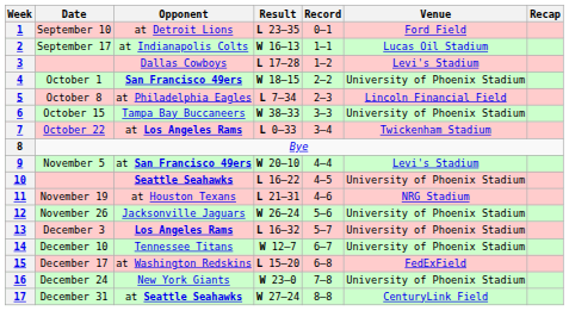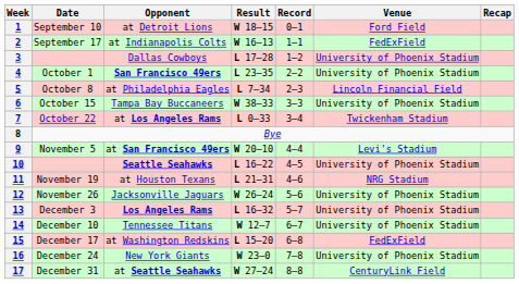 <table class="wikitable" style="text-align:center">
 <tr>
 <th>Week</th>
 <th>Date</th>
 <th>Opponent</th>
 <th>Result</th>
 <th>Record</th>
 <th>Venue</th>
 <th>Recap</th>
 </tr>
 <tr style="background:#fcc">
 <th><a href='#'>1</a></th>
 <td>September 10</td>
 <td>at <a href='#'>Detroit Lions</a></td>
-<td><strong>L</strong> 23–35</td>
+<td><strong>W</strong> 18–15 </td>
 <td>0–1</td>
 <td><a href='#'>Ford Field</a></td>
 <td></td>
 </tr>
 <tr style="background:#cfc">
 <th><a href='#'>2</a></th>
 <td>September 17</td>
 <td>at <a href='#'>Indianapolis Colts</a></td>
 <td><strong>W</strong> 16–13 </td>
 <td>1–1</td>
-<td><a href='#'>Lucas Oil Stadium</a></td>
+<td><a href='#'>FedExField</a></td>
 <td></td>
 </tr>
 <tr style="background:#fcc">
 <th><a href='#'>3</a></th>
 <td></td>
 <td><a href='#'>Dallas Cowboys</a></td>
 <td><strong>L</strong> 17–28</td>
 <td>1–2</td>
-<td><a href='#'>Levi's Stadium</a></td>
+<td><a href='#'>University of Phoenix Stadium</a></td>
 <td></td>
 </tr>
 <tr style="background:#cfc">
 <th><a href='#'>4</a></th>
 <td>October 1</td>
 <td><strong><a href='#'>San Francisco 49ers</a></strong></td>
-<td><strong>W</strong> 18–15 </td>
+<td><strong>L</strong> 23–35</td>
 <td>2–2</td>
 <td>University of Phoenix Stadium</td>
 <td></td>
 </tr>
 <tr style="background:#fcc">
 <th><a href='#'>5</a></th>
 <td>October 8</td>
 <td>at <a href='#'>Philadelphia Eagles</a></td>
 <td><strong>L</strong> 7–34</td>
 <td>2–3</td>
 <td><a href='#'>Lincoln Financial Field</a></td>
 <td></td>
 </tr>
 <tr style="background:#cfc">
 <th><a href='#'>6</a></th>
 <td>October 15</td>
 <td><a href='#'>Tampa Bay Buccaneers</a></td>
 <td><strong>W</strong> 38–33</td>
 <td>3–3</td>
 <td>University of Phoenix Stadium</td>
 <td></td>
 </tr>
 <tr style="background:#fcc">
 <th><a href='#'>7</a></th>
 <td><a href='#'>October 22</a></td>
 <td>at <strong><a href='#'>Los Angeles Rams</a></strong></td>
 <td><strong>L</strong> 0–33</td>
 <td>3–4</td>
 <td> <a href='#'>Twickenham Stadium</a> </td>
 <td></td>
 </tr>
 <tr>
 <th>8</th>
 <td colspan=6><em><a href='#'>Bye</a></em></td>
 </tr>
 <tr style="background:#cfc">
 <th><a href='#'>9</a></th>
 <td>November 5</td>
 <td>at <strong><a href='#'>San Francisco 49ers</a></strong></td>
 <td><strong>W</strong> 20–10</td>
 <td>4–4</td>
 <td><a href='#'>Levi's Stadium</a></td>
 <td></td>
 </tr>
 <tr style="background:#fcc">
 <th><a href='#'>10</a></th>
 <td></td>
 <td><strong><a href='#'>Seattle Seahawks</a></strong></td>
 <td><strong>L</strong> 16–22</td>
 <td>4–5</td>
 <td>University of Phoenix Stadium</td>
 <td></td>
 </tr>
 <tr style="background:#fcc">
 <th><a href='#'>11</a></th>
 <td>November 19</td>
 <td>at <a href='#'>Houston Texans</a></td>
 <td><strong>L</strong> 21–31</td>
 <td>4–6</td>
 <td><a href='#'>NRG Stadium</a></td>
 <td></td>
 </tr>
 <tr style="background:#cfc">
 <th><a href='#'>12</a></th>
 <td>November 26</td>
 <td><a href='#'>Jacksonville Jaguars</a></td>
 <td><strong>W</strong> 26–24</td>
 <td>5–6</td>
 <td>University of Phoenix Stadium</td>
 <td></td>
 </tr>
 <tr style="background:#fcc">
 <th><a href='#'>13</a></th>
 <td>December 3</td>
 <td><strong><a href='#'>Los Angeles Rams</a></strong></td>
 <td><strong>L</strong> 16–32</td>
 <td>5–7</td>
 <td>University of Phoenix Stadium</td>
 <td></td>
 </tr>
 <tr style="background:#cfc">
 <th><a href='#'>14</a></th>
 <td>December 10</td>
 <td><a href='#'>Tennessee Titans</a></td>
 <td><strong>W</strong> 12–7</td>
 <td>6–7</td>
 <td>University of Phoenix Stadium</td>
 <td></td>
 </tr>
 <tr style="background:#fcc">
 <th><a href='#'>15</a></th>
 <td>December 17</td>
 <td>at <a href='#'>Washington Redskins</a></td>
 <td><strong>L</strong> 15–20</td>
 <td>6–8</td>
 <td><a href='#'>FedExField</a></td>
 <td></td>
 </tr>
 <tr style="background:#cfc">
 <th><a href='#'>16</a></th>
 <td>December 24</td>
 <td><a href='#'>New York Giants</a></td>
 <td><strong>W</strong> 23–0</td>
 <td>7–8</td>
 <td>University of Phoenix Stadium</td>
 <td></td>
 </tr>
 <tr style="background:#cfc">
 <th><a href='#'>17</a></th>
 <td>December 31</td>
 <td>at <strong><a href='#'>Seattle Seahawks</a></strong></td>
 <td><strong>W</strong> 27–24</td>
 <td>8–8</td>
 <td><a href='#'>CenturyLink Field</a></td>
 <td></td>
 </tr>
 </table>
